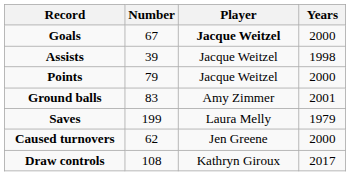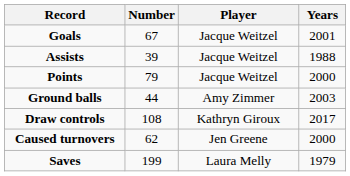 <table class="wikitable">
 <tr>
 <th style="width:140px; ">Record</th>
 <th style="width:35px; ">Number</th>
 <th style="width:140px; ">Player</th>
 <th style="width:50px; ">Years</th>
 </tr>
 <tr style="text-align:center;">
 <td><strong>Goals</strong></td>
 <td>67</td>
-<td><strong>Jacque Weitzel</strong></td>
-<td>2000</td>
+<td>Jacque Weitzel</td>
+<td>2001</td>
 </tr>
 <tr style="text-align:center;">
 <td><strong>Assists</strong></td>
 <td>39</td>
 <td>Jacque Weitzel</td>
-<td>1998</td>
+<td>1988</td>
 </tr>
 <tr style="text-align:center;">
 <td><strong>Points</strong></td>
 <td>79</td>
 <td>Jacque Weitzel</td>
 <td>2000</td>
 </tr>
 <tr style="text-align:center;">
 <td><strong>Ground balls</strong></td>
-<td>83</td>
+<td>44</td>
 <td>Amy Zimmer</td>
-<td>2001</td>
+<td>2003</td>
 </tr>
 <tr style="text-align:center;">
-<td><strong>Saves</strong></td>
-<td>199</td>
-<td>Laura Melly</td>
-<td>1979</td>
+<td><strong>Draw controls</strong></td>
+<td>108</td>
+<td>Kathryn Giroux</td>
+<td>2017</td>
 </tr>
 <tr style="text-align:center;">
 <td><strong>Caused turnovers</strong></td>
 <td>62</td>
 <td>Jen Greene</td>
 <td>2000</td>
 </tr>
 <tr style="text-align:center;">
-<td><strong>Draw controls</strong></td>
-<td>108</td>
-<td>Kathryn Giroux</td>
-<td>2017</td>
+<td><strong>Saves</strong></td>
+<td>199</td>
+<td>Laura Melly</td>
+<td>1979</td>
 </tr>
 </table>
